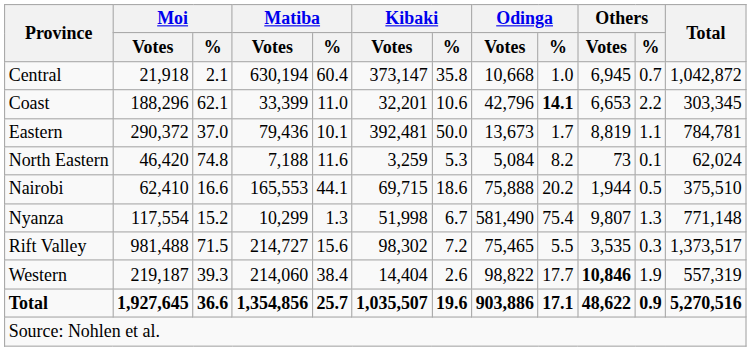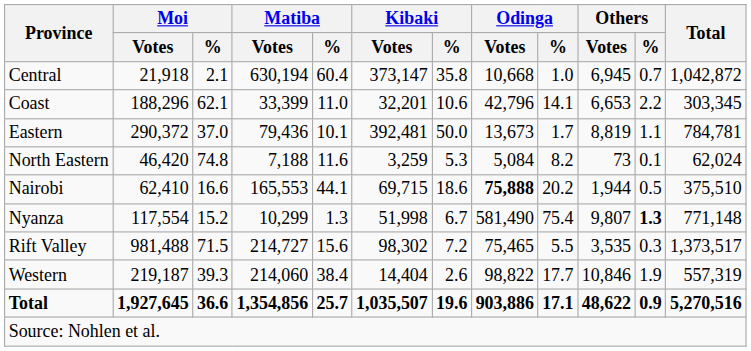 <table class="wikitable sortable" style=text-align:right>
 <tr>
 <th rowspan=2>Province</th>
 <th colspan=2><a href='#'>Moi</a></th>
 <th colspan=2><a href='#'>Matiba</a></th>
 <th colspan=2><a href='#'>Kibaki</a></th>
 <th colspan=2><a href='#'>Odinga</a></th>
 <th colspan=2>Others</th>
 <th rowspan=2>Total</th>
 </tr>
 <tr>
 <th>Votes</th>
 <th>%</th>
 <th>Votes</th>
 <th>%</th>
 <th>Votes</th>
 <th>%</th>
 <th>Votes</th>
 <th>%</th>
 <th>Votes</th>
 <th>%</th>
 </tr>
 <tr>
 <td align=left>Central</td>
 <td>21,918</td>
 <td>2.1</td>
 <td>630,194</td>
 <td>60.4</td>
 <td>373,147</td>
 <td>35.8</td>
 <td>10,668</td>
 <td>1.0</td>
 <td>6,945</td>
 <td>0.7</td>
 <td>1,042,872</td>
 </tr>
 <tr>
 <td align=left>Coast</td>
 <td>188,296</td>
 <td>62.1</td>
 <td>33,399</td>
 <td>11.0</td>
 <td>32,201</td>
 <td>10.6</td>
 <td>42,796</td>
-<td><strong>14.1</strong></td>
+<td>14.1</td>
 <td>6,653</td>
 <td>2.2</td>
 <td>303,345</td>
 </tr>
 <tr>
 <td align=left>Eastern</td>
 <td>290,372</td>
 <td>37.0</td>
 <td>79,436</td>
 <td>10.1</td>
 <td>392,481</td>
 <td>50.0</td>
 <td>13,673</td>
 <td>1.7</td>
 <td>8,819</td>
 <td>1.1</td>
 <td>784,781</td>
 </tr>
 <tr>
 <td align=left>North Eastern</td>
 <td>46,420</td>
 <td>74.8</td>
 <td>7,188</td>
 <td>11.6</td>
 <td>3,259</td>
 <td>5.3</td>
 <td>5,084</td>
 <td>8.2</td>
 <td>73</td>
 <td>0.1</td>
 <td>62,024</td>
 </tr>
 <tr>
 <td align=left>Nairobi</td>
 <td>62,410</td>
 <td>16.6</td>
 <td>165,553</td>
 <td>44.1</td>
 <td>69,715</td>
 <td>18.6</td>
-<td>75,888</td>
+<td><strong>75,888</strong></td>
 <td>20.2</td>
 <td>1,944</td>
 <td>0.5</td>
 <td>375,510</td>
 </tr>
 <tr>
 <td align=left>Nyanza</td>
 <td>117,554</td>
 <td>15.2</td>
 <td>10,299</td>
 <td>1.3</td>
 <td>51,998</td>
 <td>6.7</td>
 <td>581,490</td>
 <td>75.4</td>
 <td>9,807</td>
-<td>1.3</td>
+<td><strong>1.3</strong></td>
 <td>771,148</td>
 </tr>
 <tr>
 <td align=left>Rift Valley</td>
 <td>981,488</td>
 <td>71.5</td>
 <td>214,727</td>
 <td>15.6</td>
 <td>98,302</td>
 <td>7.2</td>
 <td>75,465</td>
 <td>5.5</td>
 <td>3,535</td>
 <td>0.3</td>
 <td>1,373,517</td>
 </tr>
 <tr>
 <td align=left>Western</td>
 <td>219,187</td>
 <td>39.3</td>
 <td>214,060</td>
 <td>38.4</td>
 <td>14,404</td>
 <td>2.6</td>
 <td>98,822</td>
 <td>17.7</td>
-<td><strong>10,846</strong></td>
+<td>10,846</td>
 <td>1.9</td>
 <td>557,319</td>
 </tr>
 <tr style=font-weight:bold class=sortbottom>
 <td align=left>Total</td>
 <td>1,927,645</td>
 <td>36.6</td>
 <td>1,354,856</td>
 <td>25.7</td>
 <td>1,035,507</td>
 <td>19.6</td>
 <td>903,886</td>
 <td>17.1</td>
 <td>48,622</td>
 <td>0.9</td>
 <td>5,270,516</td>
 </tr>
 <tr class=sortbottom>
 <td align=left colspan=13>Source: Nohlen et al.</td>
 </tr>
 </table>
